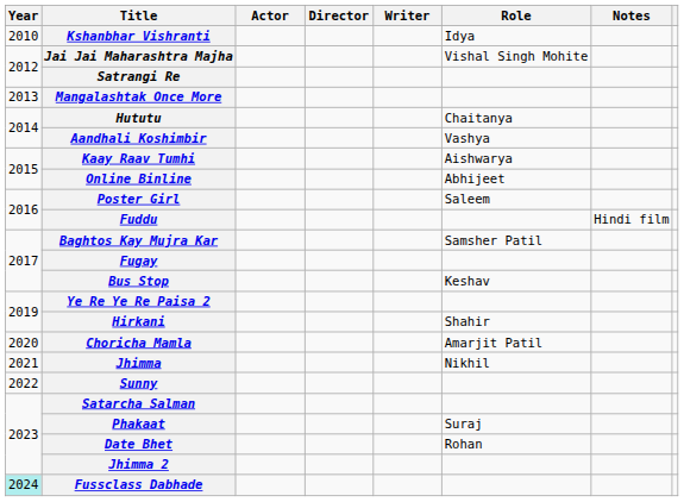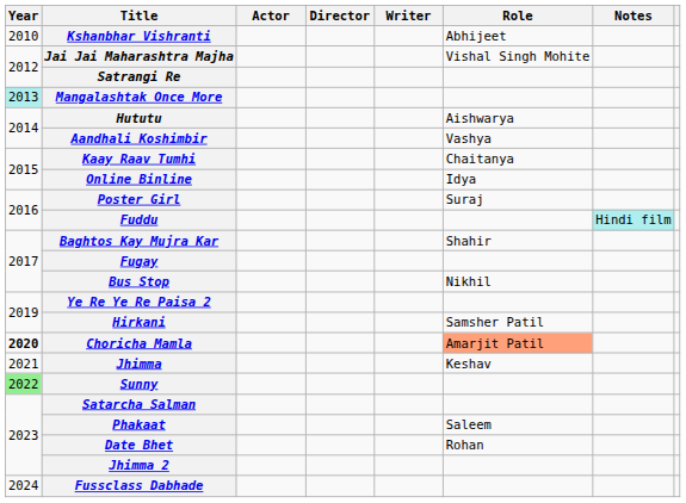 <table class="wikitable plainrowheaders sortable">
 <tr>
 <th scope="col">Year</th>
 <th scope="col">Title</th>
 <th scope="col" width=65>Actor</th>
 <th scope="col" width=65>Director</th>
 <th scope="col" width=65>Writer</th>
 <th scope="col">Role</th>
 <th scope="col" class="unsortable">Notes</th>
 <th scope="col" class="unsortable"></th>
 </tr>
 <tr>
 <td>2010</td>
 <th scope="row"><em><a href='#'>Kshanbhar Vishranti</a></em></th>
 <td></td>
 <td></td>
 <td></td>
-<td>Idya</td>
+<td>Abhijeet</td>
 <td></td>
 <td></td>
 </tr>
 <tr>
 <td rowspan="2">2012</td>
 <th scope="row"><em>Jai Jai Maharashtra Majha</em></th>
 <td></td>
 <td></td>
 <td></td>
 <td>Vishal Singh Mohite</td>
 <td></td>
 <td></td>
 </tr>
 <tr>
 <th scope="row"><em>Satrangi Re</em></th>
 <td></td>
 <td></td>
 <td></td>
 <td></td>
 <td></td>
 <td></td>
 </tr>
 <tr>
-<td>2013</td>
+<td style="background: paleturquoise;">2013</td>
 <th scope="row"><em><a href='#'>Mangalashtak Once More</a></em></th>
 <td></td>
 <td></td>
 <td></td>
 <td></td>
 <td></td>
 <td></td>
 </tr>
 <tr>
 <td rowspan="2">2014</td>
 <th scope="row"><em>Hututu</em></th>
 <td></td>
 <td></td>
 <td></td>
-<td>Chaitanya</td>
+<td>Aishwarya</td>
 <td></td>
 <td></td>
 </tr>
 <tr>
 <th scope="row"><em><a href='#'>Aandhali Koshimbir</a></em></th>
 <td></td>
 <td></td>
 <td></td>
 <td>Vashya</td>
 <td></td>
 <td></td>
 </tr>
 <tr>
 <td rowspan="2">2015</td>
 <th scope="row"><em><a href='#'>Kaay Raav Tumhi</a></em></th>
 <td></td>
 <td></td>
 <td></td>
-<td>Aishwarya</td>
+<td>Chaitanya</td>
 <td></td>
 <td></td>
 </tr>
 <tr>
 <th scope="row"><em><a href='#'>Online Binline</a></em></th>
 <td></td>
 <td></td>
 <td></td>
-<td>Abhijeet</td>
+<td>Idya</td>
 <td></td>
 <td></td>
 </tr>
 <tr>
 <td rowspan="2">2016</td>
 <th scope="row"><em><a href='#'>Poster Girl</a></em></th>
 <td></td>
 <td></td>
 <td></td>
-<td>Saleem</td>
+<td>Suraj</td>
 <td></td>
 <td></td>
 </tr>
 <tr>
 <th scope="row"><em><a href='#'>Fuddu</a></em></th>
 <td></td>
 <td></td>
 <td></td>
 <td></td>
-<td>Hindi film</td>
+<td style="background: paleturquoise;">Hindi film</td>
 <td></td>
 </tr>
 <tr>
 <td rowspan="3">2017</td>
 <th scope="row"><em><a href='#'>Baghtos Kay Mujra Kar</a></em></th>
 <td></td>
 <td></td>
 <td></td>
-<td>Samsher Patil</td>
+<td>Shahir</td>
 <td></td>
 <td></td>
 </tr>
 <tr>
 <th scope="row"><em><a href='#'>Fugay</a></em></th>
 <td></td>
 <td></td>
 <td></td>
 <td></td>
 <td></td>
 <td></td>
 </tr>
 <tr>
 <th scope="row"><em><a href='#'>Bus Stop</a></em></th>
 <td></td>
 <td></td>
 <td></td>
-<td>Keshav</td>
+<td>Nikhil</td>
 <td></td>
 <td></td>
 </tr>
 <tr>
 <td rowspan="2">2019</td>
 <th scope="row"><em><a href='#'>Ye Re Ye Re Paisa 2</a></em></th>
 <td></td>
 <td></td>
 <td></td>
 <td></td>
 <td></td>
 <td></td>
 </tr>
 <tr>
 <th scope="row"><em><a href='#'>Hirkani</a></em></th>
 <td></td>
 <td></td>
 <td></td>
-<td>Shahir</td>
+<td>Samsher Patil</td>
 <td></td>
 <td></td>
 </tr>
 <tr>
-<td>2020</td>
+<td><strong>2020</strong></td>
 <th scope="row"><em><a href='#'>Choricha Mamla</a></em></th>
 <td></td>
 <td></td>
 <td></td>
-<td>Amarjit Patil</td>
+<td style="background: lightsalmon;">Amarjit Patil</td>
 <td></td>
 <td></td>
 </tr>
 <tr>
 <td>2021</td>
 <th scope="row"><em><a href='#'>Jhimma</a></em></th>
 <td></td>
 <td></td>
 <td></td>
-<td>Nikhil</td>
+<td>Keshav</td>
 <td></td>
 <td></td>
 </tr>
 <tr>
-<td>2022</td>
+<td style="background: lightgreen;">2022</td>
 <th scope="row"><em><a href='#'>Sunny</a></em></th>
 <td></td>
 <td></td>
 <td></td>
 <td></td>
 <td></td>
 <td></td>
 </tr>
 <tr>
 <td rowspan="4">2023</td>
 <th scope="row"><em><a href='#'>Satarcha Salman</a></em></th>
 <td></td>
 <td></td>
 <td></td>
 <td></td>
 <td></td>
 <td></td>
 </tr>
 <tr>
 <th scope="row"><em><a href='#'>Phakaat</a></em></th>
 <td></td>
 <td></td>
 <td></td>
-<td>Suraj</td>
+<td>Saleem</td>
 <td></td>
 <td></td>
 </tr>
 <tr>
 <th scope="row"><em><a href='#'>Date Bhet</a></em></th>
 <td></td>
 <td></td>
 <td></td>
 <td>Rohan</td>
 <td></td>
 <td></td>
 </tr>
 <tr>
 <th scope="row"><em><a href='#'>Jhimma 2</a></em></th>
 <td></td>
 <td></td>
 <td></td>
 <td></td>
 <td></td>
 <td></td>
 </tr>
 <tr>
-<td style="background: paleturquoise;">2024</td>
+<td>2024</td>
 <th scope="row"><em><a href='#'>Fussclass Dabhade</a></em></th>
 <td></td>
 <td></td>
 <td></td>
 <td></td>
 <td></td>
 <td></td>
 </tr>
 </table>
